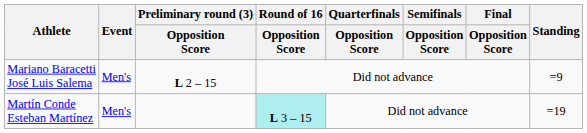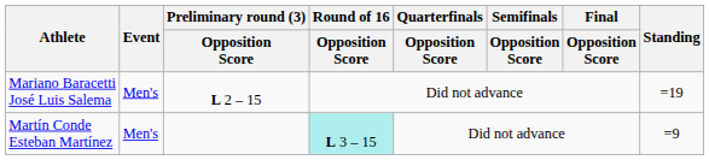 <table class="wikitable" style="font-size:90%;">
 <tr>
 <th rowspan=2>Athlete</th>
 <th rowspan=2>Event</th>
 <th>Preliminary round (3)</th>
 <th>Round of 16</th>
 <th>Quarterfinals</th>
 <th>Semifinals</th>
 <th>Final</th>
 <th rowspan=2>Standing</th>
 </tr>
 <tr>
 <th>Opposition <br> Score</th>
 <th>Opposition <br> Score</th>
 <th>Opposition <br> Score</th>
 <th>Opposition <br> Score</th>
 <th>Opposition <br> Score</th>
 </tr>
 <tr>
 <td><a href='#'>Mariano Baracetti</a><br><a href='#'>José Luis Salema</a></td>
 <td><a href='#'>Men's</a></td>
 <td align=center><br><strong>L</strong> 2 – 15</td>
 <td style="text-align:center;" colspan="4">Did not advance</td>
-<td align=center>=9</td>
+<td align=center>=19</td>
 </tr>
 <tr>
 <td><a href='#'>Martín Conde</a><br><a href='#'>Esteban Martínez</a></td>
 <td><a href='#'>Men's</a></td>
 <td align=center></td>
 <td align=center style="background: paleturquoise;"><br><strong>L</strong> 3 – 15</td>
 <td style="text-align:center;" colspan="3">Did not advance</td>
-<td align=center>=19</td>
+<td align=center>=9</td>
 </tr>
 </table>
